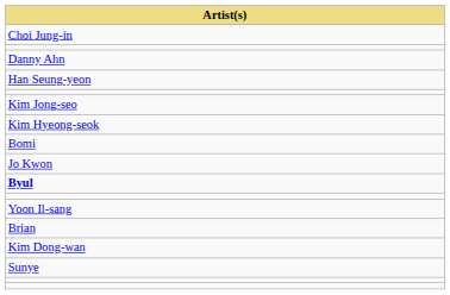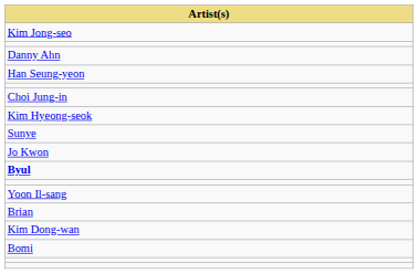 <table class="wikitable" style="width:45%">
 <tr>
 <th scope="col" style="background-color:#EEDD85; width:22.5%">Artist(s)</th>
 </tr>
 <tr>
-<td><a href='#'>Choi Jung-in</a></td>
+<td><a href='#'>Kim Jong-seo</a></td>
 </tr>
 <tr>
 <td></td>
 </tr>
 <tr>
 <td><a href='#'>Danny Ahn</a></td>
 </tr>
 <tr>
 <td><a href='#'>Han Seung-yeon</a></td>
 </tr>
 <tr>
 <td></td>
 </tr>
 <tr>
-<td><a href='#'>Kim Jong-seo</a></td>
+<td><a href='#'>Choi Jung-in</a></td>
 </tr>
 <tr>
 <td><a href='#'>Kim Hyeong-seok</a></td>
 </tr>
 <tr>
-<td><a href='#'>Bomi</a></td>
+<td><a href='#'>Sunye</a></td>
 </tr>
 <tr>
 <td><a href='#'>Jo Kwon</a></td>
 </tr>
 <tr>
 <td><strong><a href='#'>Byul</a></strong></td>
 </tr>
 <tr>
 <td></td>
 </tr>
 <tr>
 <td><a href='#'>Yoon Il-sang</a></td>
 </tr>
 <tr>
 <td><a href='#'>Brian</a></td>
 </tr>
 <tr>
 <td><a href='#'>Kim Dong-wan</a></td>
 </tr>
 <tr>
-<td><a href='#'>Sunye</a></td>
+<td><a href='#'>Bomi</a></td>
 </tr>
 <tr>
 <td></td>
 </tr>
 <tr>
 <td></td>
 </tr>
 </table>
